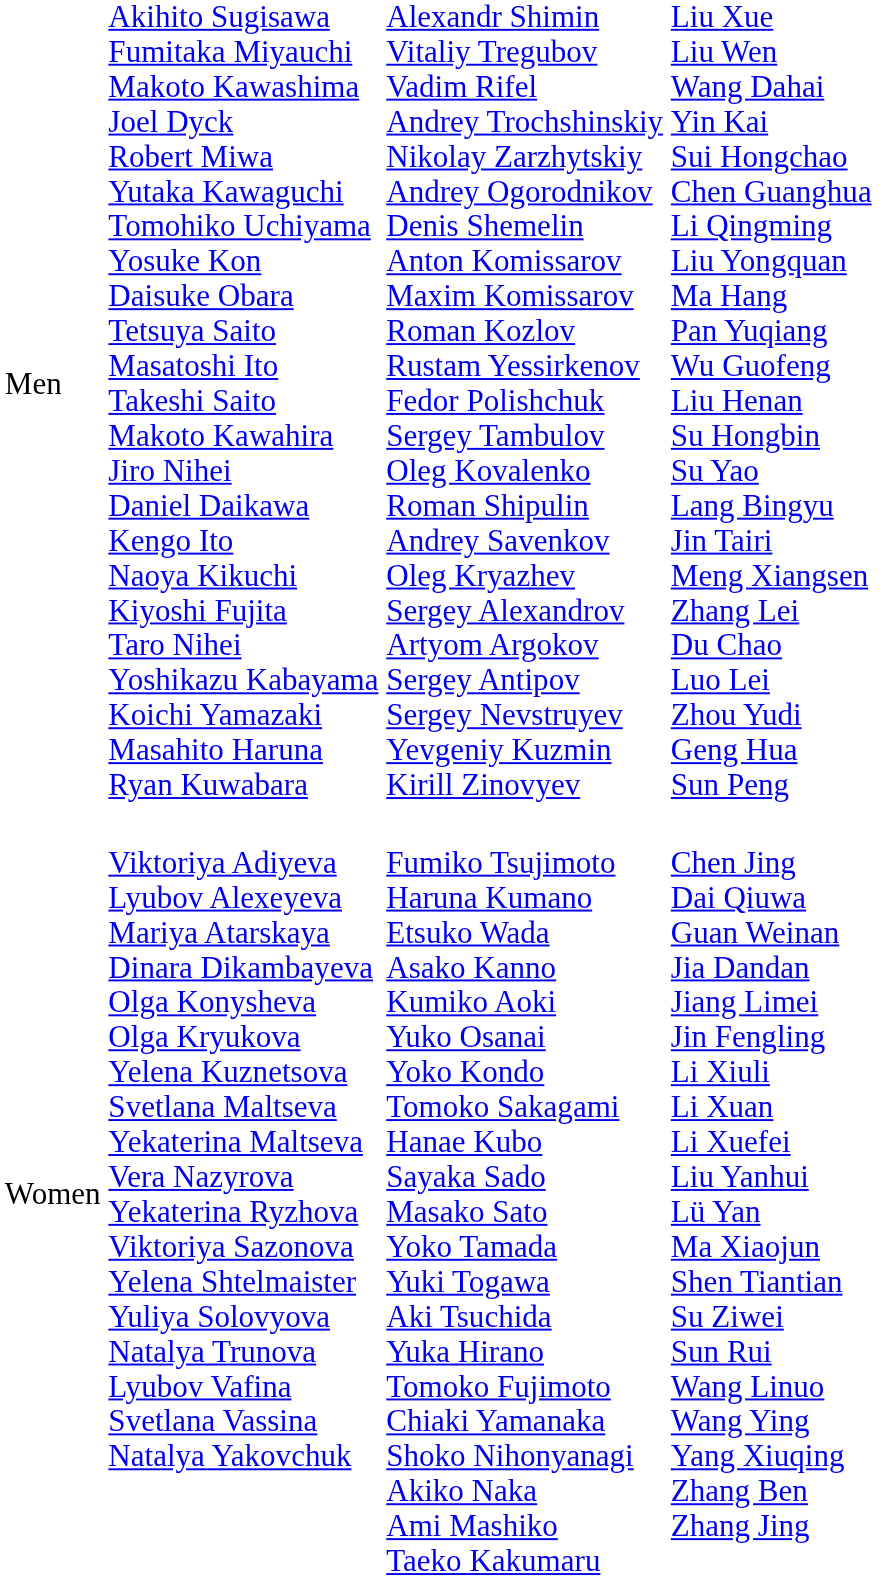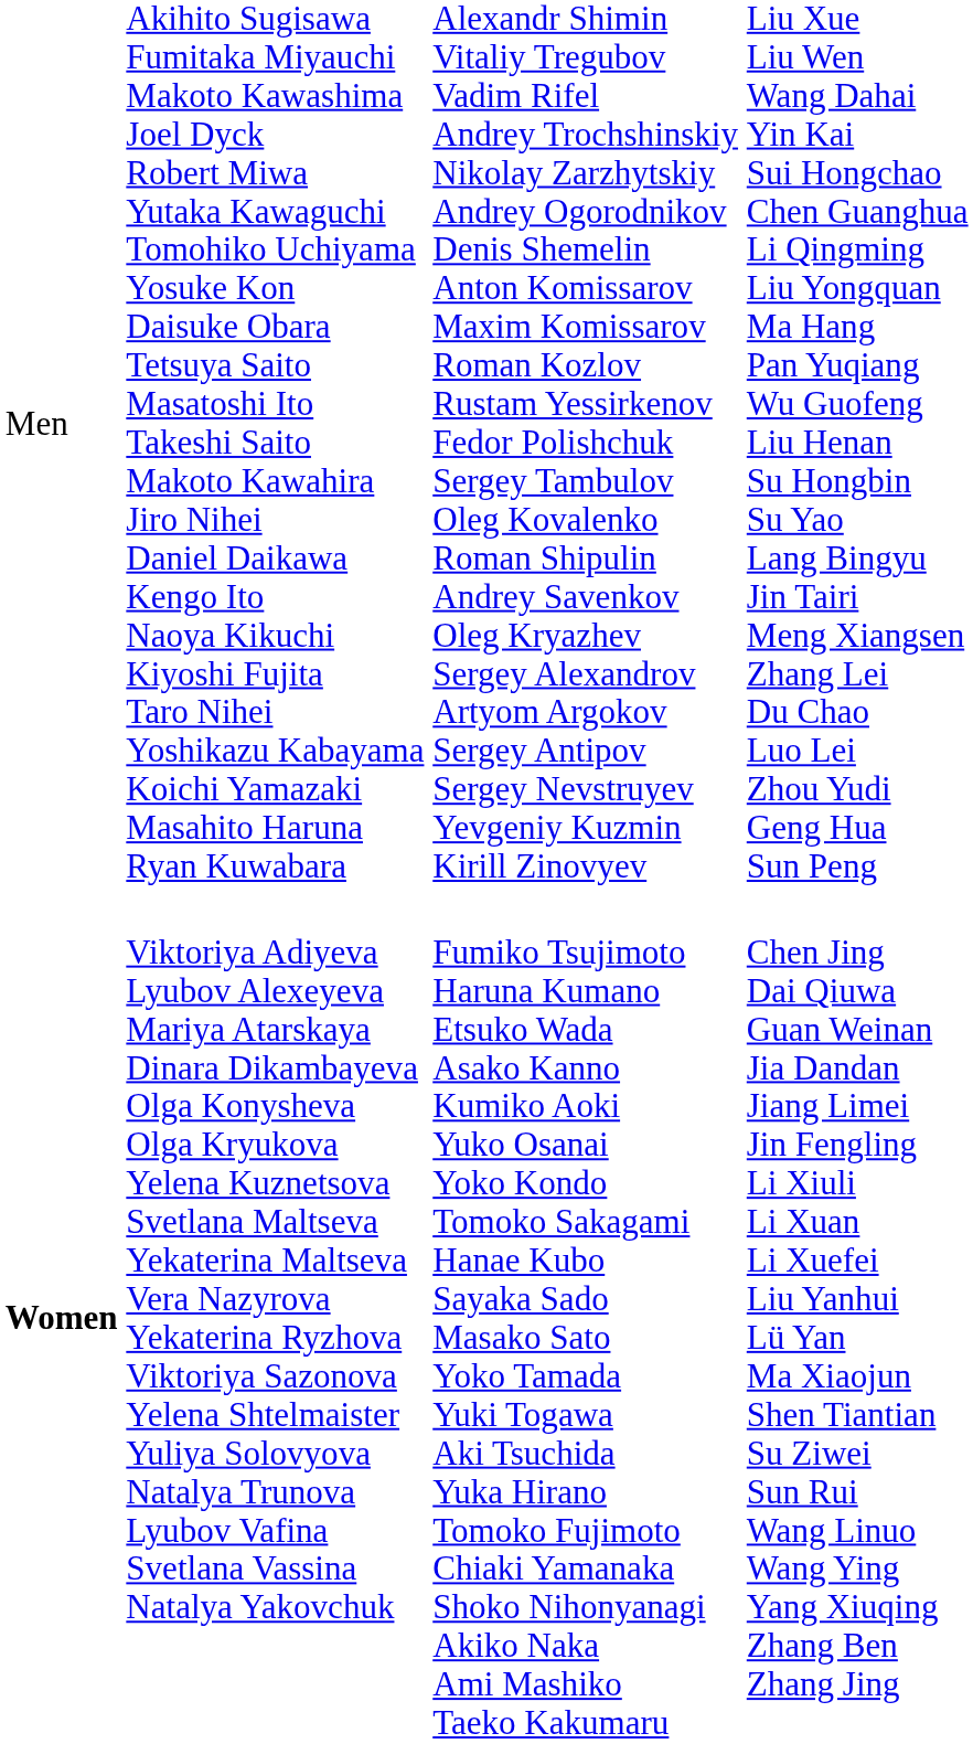 <table>
 <tr>
 <td>Men<br></td>
 <td><br><a href='#'>Akihito Sugisawa</a><br><a href='#'>Fumitaka Miyauchi</a><br><a href='#'>Makoto Kawashima</a><br><a href='#'>Joel Dyck</a><br><a href='#'>Robert Miwa</a><br><a href='#'>Yutaka Kawaguchi</a><br><a href='#'>Tomohiko Uchiyama</a><br><a href='#'>Yosuke Kon</a><br><a href='#'>Daisuke Obara</a><br><a href='#'>Tetsuya Saito</a><br><a href='#'>Masatoshi Ito</a><br><a href='#'>Takeshi Saito</a><br><a href='#'>Makoto Kawahira</a><br><a href='#'>Jiro Nihei</a><br><a href='#'>Daniel Daikawa</a><br><a href='#'>Kengo Ito</a><br><a href='#'>Naoya Kikuchi</a><br><a href='#'>Kiyoshi Fujita</a><br><a href='#'>Taro Nihei</a><br><a href='#'>Yoshikazu Kabayama</a><br><a href='#'>Koichi Yamazaki</a><br><a href='#'>Masahito Haruna</a><br><a href='#'>Ryan Kuwabara</a></td>
 <td><br><a href='#'>Alexandr Shimin</a><br><a href='#'>Vitaliy Tregubov</a><br><a href='#'>Vadim Rifel</a><br><a href='#'>Andrey Trochshinskiy</a><br><a href='#'>Nikolay Zarzhytskiy</a><br><a href='#'>Andrey Ogorodnikov</a><br><a href='#'>Denis Shemelin</a><br><a href='#'>Anton Komissarov</a><br><a href='#'>Maxim Komissarov</a><br><a href='#'>Roman Kozlov</a><br><a href='#'>Rustam Yessirkenov</a><br><a href='#'>Fedor Polishchuk</a><br><a href='#'>Sergey Tambulov</a><br><a href='#'>Oleg Kovalenko</a><br><a href='#'>Roman Shipulin</a><br><a href='#'>Andrey Savenkov</a><br><a href='#'>Oleg Kryazhev</a><br><a href='#'>Sergey Alexandrov</a><br><a href='#'>Artyom Argokov</a><br><a href='#'>Sergey Antipov</a><br><a href='#'>Sergey Nevstruyev</a><br><a href='#'>Yevgeniy Kuzmin</a><br><a href='#'>Kirill Zinovyev</a></td>
 <td><br><a href='#'>Liu Xue</a><br><a href='#'>Liu Wen</a><br><a href='#'>Wang Dahai</a><br><a href='#'>Yin Kai</a><br><a href='#'>Sui Hongchao</a><br><a href='#'>Chen Guanghua</a><br><a href='#'>Li Qingming</a><br><a href='#'>Liu Yongquan</a><br><a href='#'>Ma Hang</a><br><a href='#'>Pan Yuqiang</a><br><a href='#'>Wu Guofeng</a><br><a href='#'>Liu Henan</a><br><a href='#'>Su Hongbin</a><br><a href='#'>Su Yao</a><br><a href='#'>Lang Bingyu</a><br><a href='#'>Jin Tairi</a><br><a href='#'>Meng Xiangsen</a><br><a href='#'>Zhang Lei</a><br><a href='#'>Du Chao</a><br><a href='#'>Luo Lei</a><br><a href='#'>Zhou Yudi</a><br><a href='#'>Geng Hua</a><br><a href='#'>Sun Peng</a></td>
 </tr>
 <tr>
-<td>Women<br></td>
+<td><strong>Women<br></strong></td>
 <td valign=top><br><a href='#'>Viktoriya Adiyeva</a><br><a href='#'>Lyubov Alexeyeva</a><br><a href='#'>Mariya Atarskaya</a><br><a href='#'>Dinara Dikambayeva</a><br><a href='#'>Olga Konysheva</a><br><a href='#'>Olga Kryukova</a><br><a href='#'>Yelena Kuznetsova</a><br><a href='#'>Svetlana Maltseva</a><br><a href='#'>Yekaterina Maltseva</a><br><a href='#'>Vera Nazyrova</a><br><a href='#'>Yekaterina Ryzhova</a><br><a href='#'>Viktoriya Sazonova</a><br><a href='#'>Yelena Shtelmaister</a><br><a href='#'>Yuliya Solovyova</a><br><a href='#'>Natalya Trunova</a><br><a href='#'>Lyubov Vafina</a><br><a href='#'>Svetlana Vassina</a><br><a href='#'>Natalya Yakovchuk</a></td>
 <td valign=top><br><a href='#'>Fumiko Tsujimoto</a><br><a href='#'>Haruna Kumano</a><br><a href='#'>Etsuko Wada</a><br><a href='#'>Asako Kanno</a><br><a href='#'>Kumiko Aoki</a><br><a href='#'>Yuko Osanai</a><br><a href='#'>Yoko Kondo</a><br><a href='#'>Tomoko Sakagami</a><br><a href='#'>Hanae Kubo</a><br><a href='#'>Sayaka Sado</a><br><a href='#'>Masako Sato</a><br><a href='#'>Yoko Tamada</a><br><a href='#'>Yuki Togawa</a><br><a href='#'>Aki Tsuchida</a><br><a href='#'>Yuka Hirano</a><br><a href='#'>Tomoko Fujimoto</a><br><a href='#'>Chiaki Yamanaka</a><br><a href='#'>Shoko Nihonyanagi</a><br><a href='#'>Akiko Naka</a><br><a href='#'>Ami Mashiko</a><br><a href='#'>Taeko Kakumaru</a></td>
 <td valign=top><br><a href='#'>Chen Jing</a><br><a href='#'>Dai Qiuwa</a><br><a href='#'>Guan Weinan</a><br><a href='#'>Jia Dandan</a><br><a href='#'>Jiang Limei</a><br><a href='#'>Jin Fengling</a><br><a href='#'>Li Xiuli</a><br><a href='#'>Li Xuan</a><br><a href='#'>Li Xuefei</a><br><a href='#'>Liu Yanhui</a><br><a href='#'>Lü Yan</a><br><a href='#'>Ma Xiaojun</a><br><a href='#'>Shen Tiantian</a><br><a href='#'>Su Ziwei</a><br><a href='#'>Sun Rui</a><br><a href='#'>Wang Linuo</a><br><a href='#'>Wang Ying</a><br><a href='#'>Yang Xiuqing</a><br><a href='#'>Zhang Ben</a><br><a href='#'>Zhang Jing</a></td>
 </tr>
 </table>
